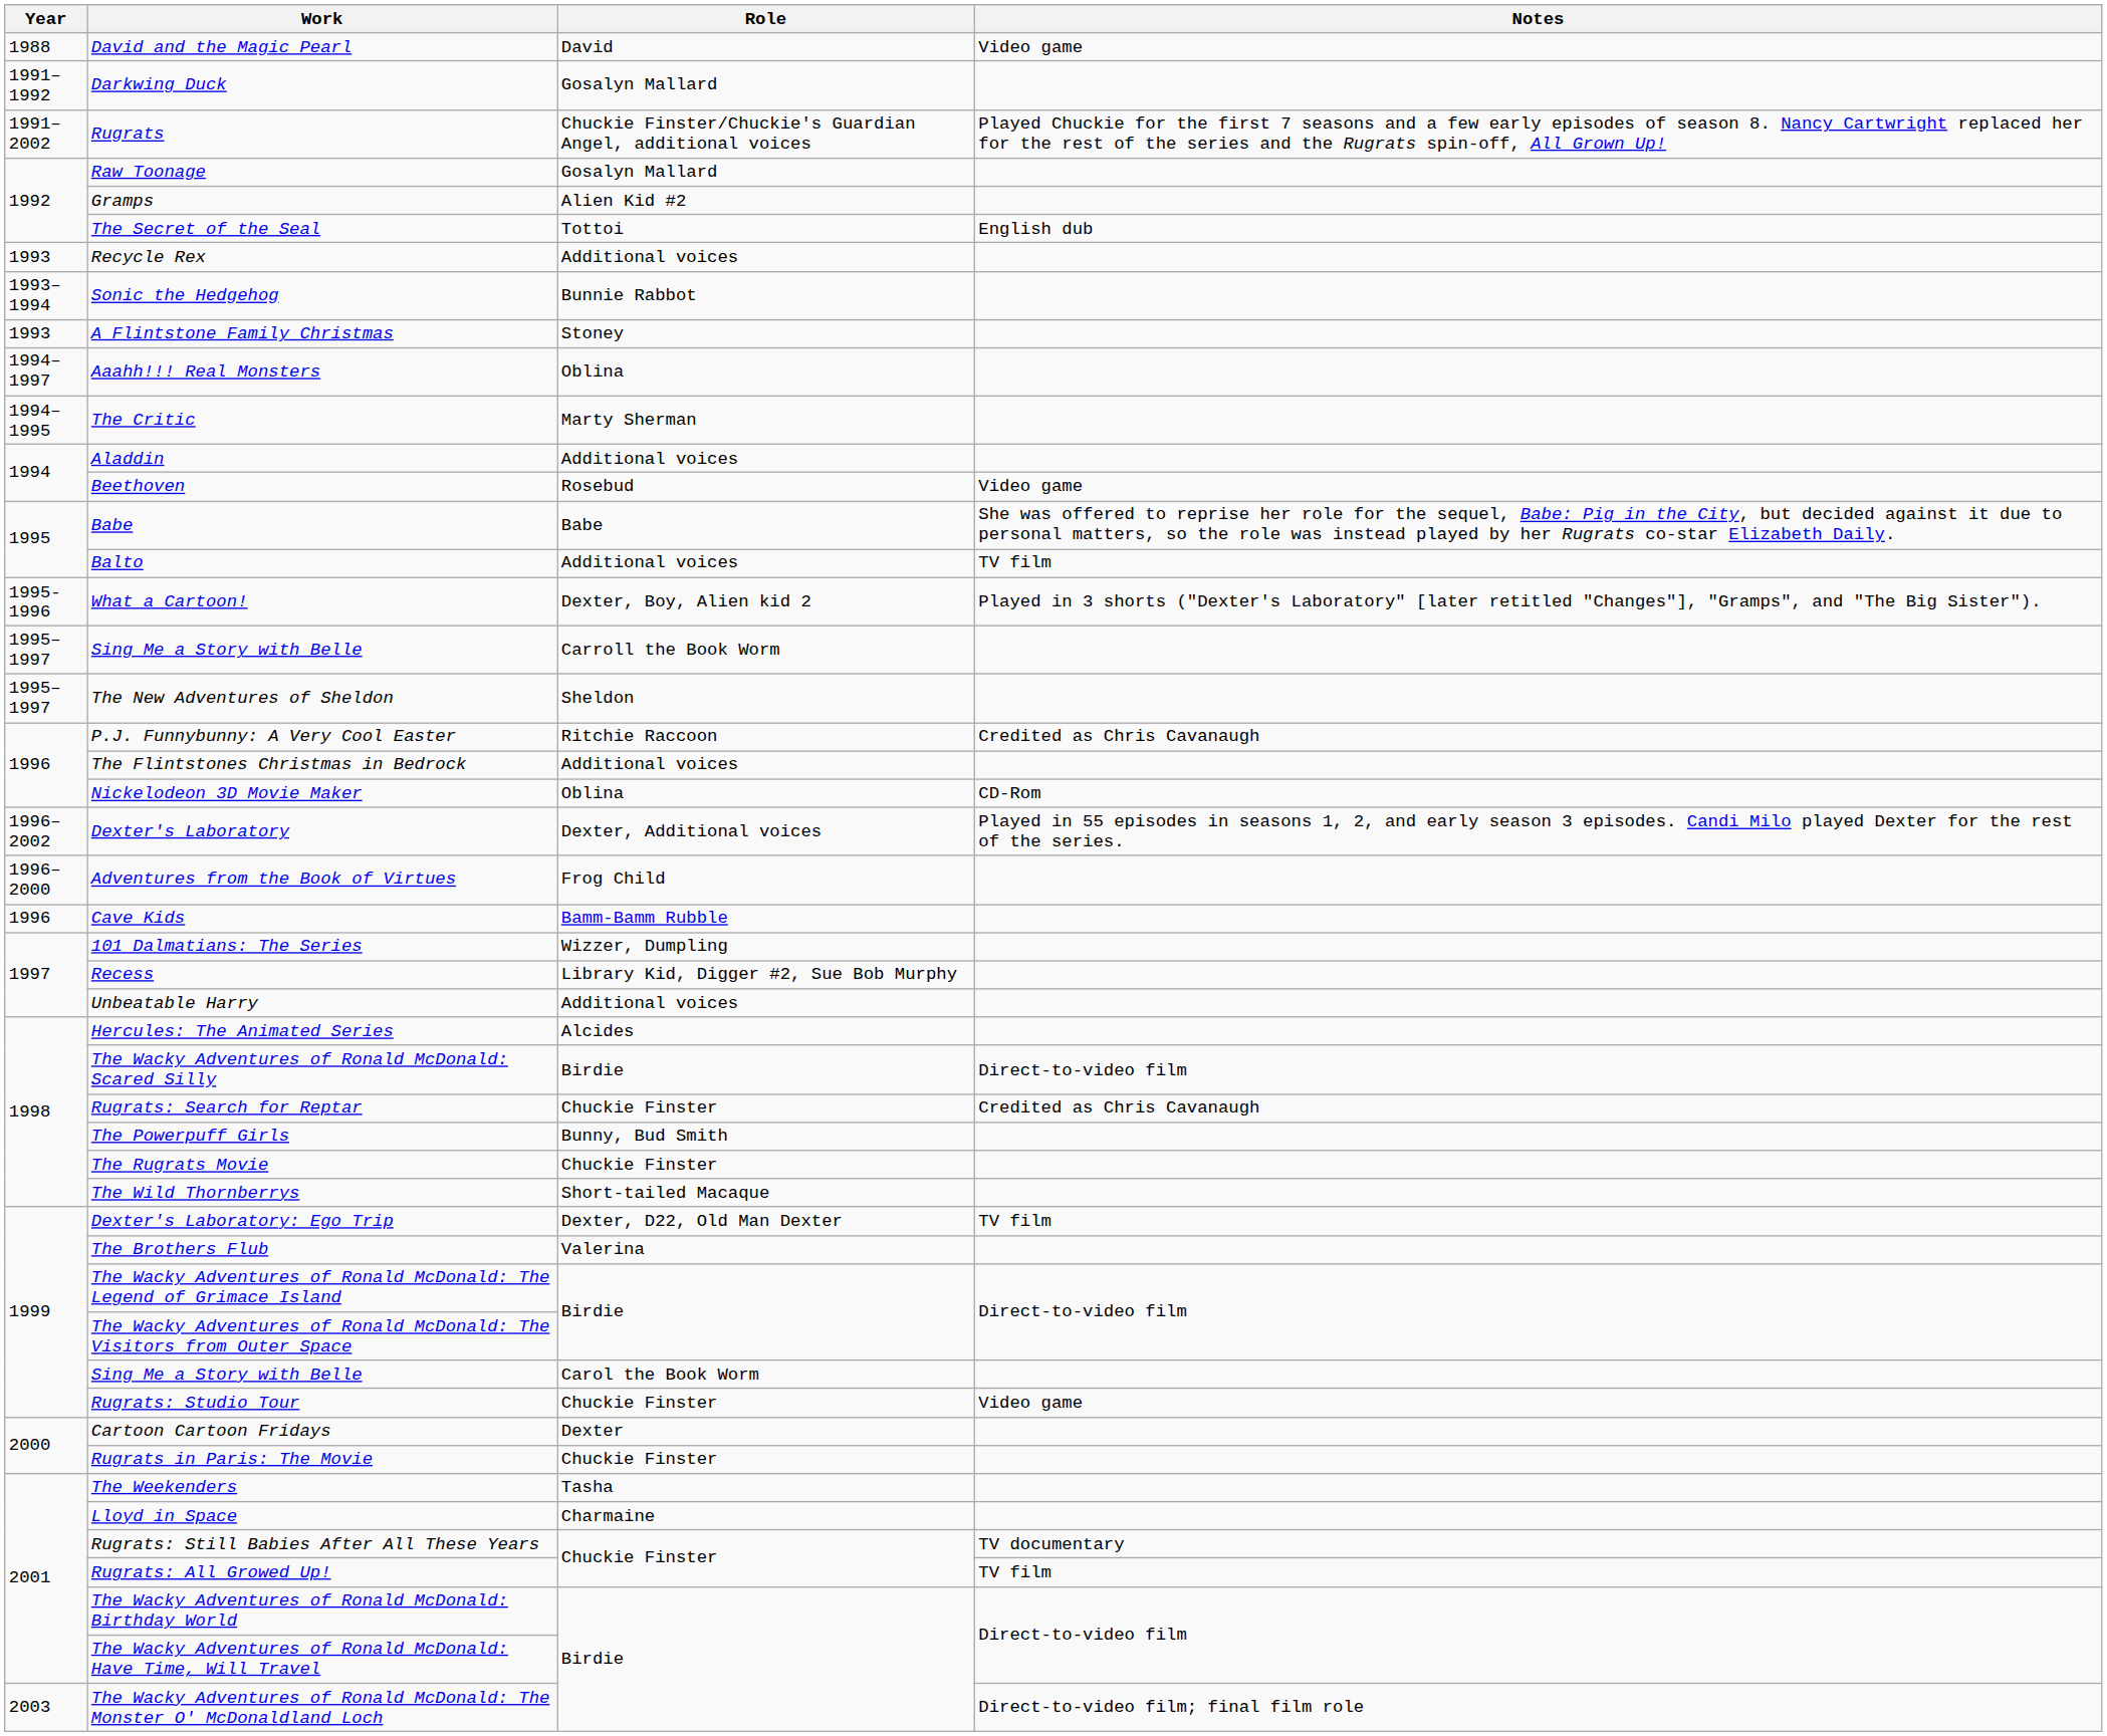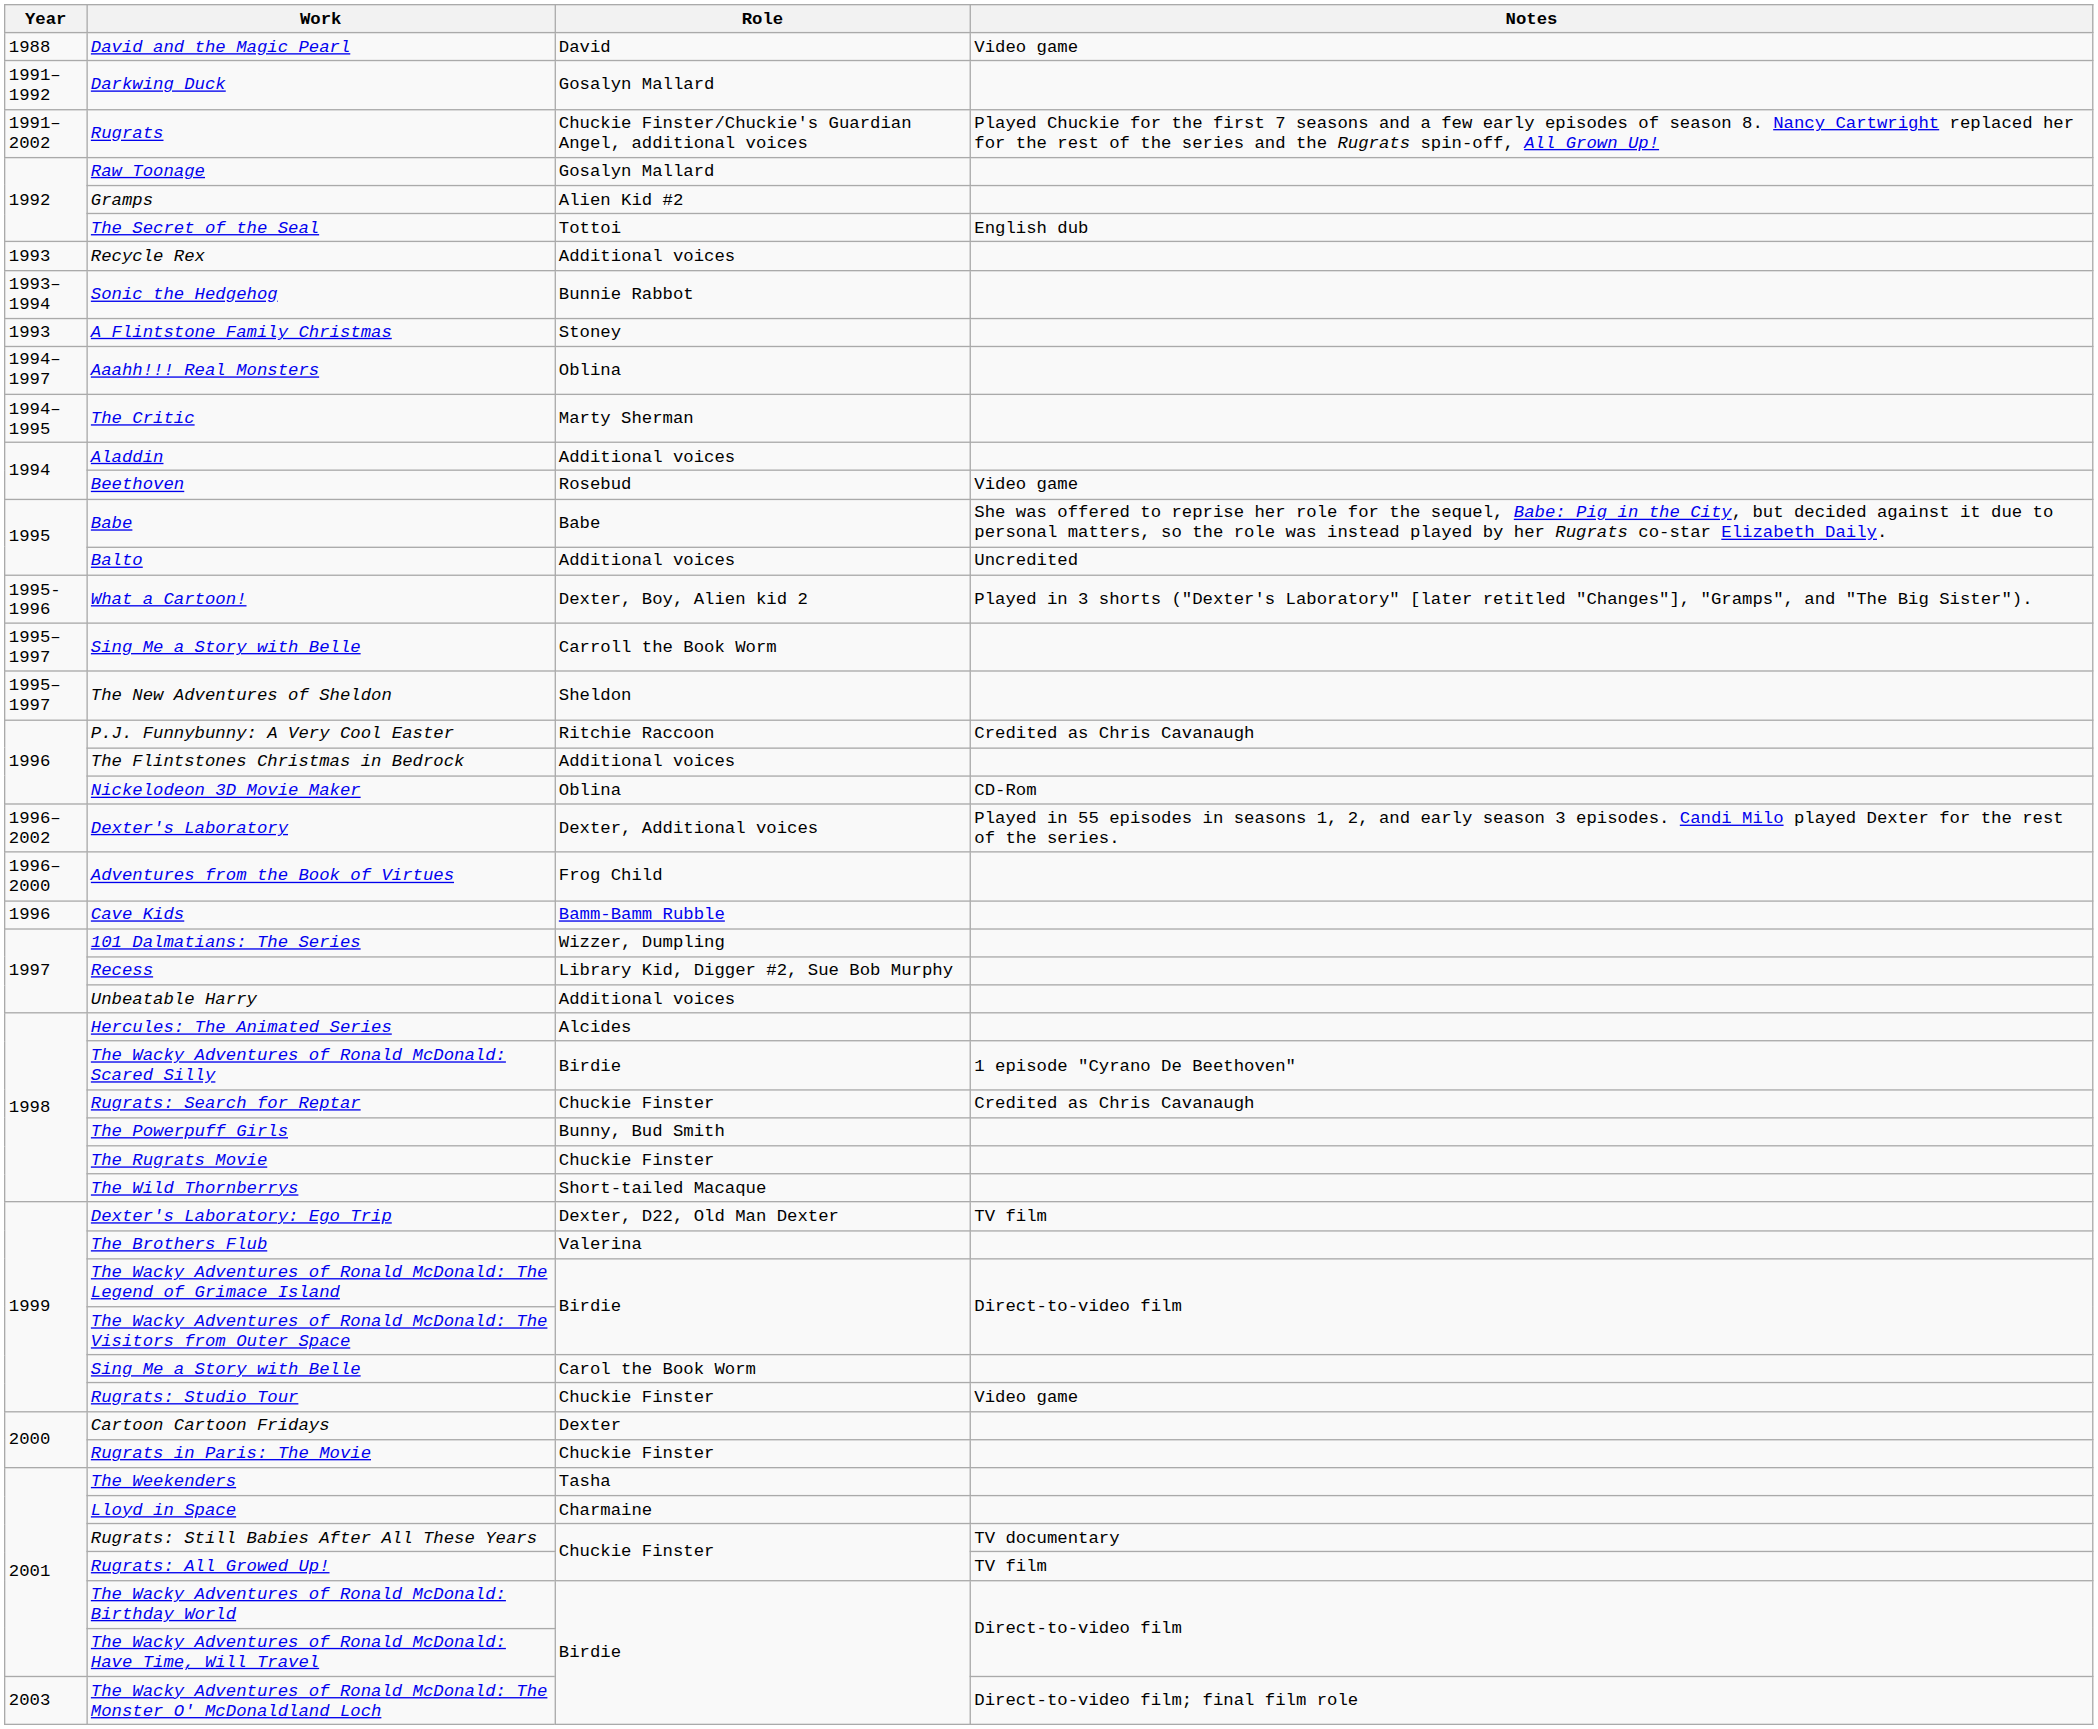 <table class="wikitable sortable">
 <tr>
 <th>Year</th>
 <th>Work</th>
 <th>Role</th>
 <th class="unsortable">Notes</th>
 </tr>
 <tr>
 <td>1988</td>
 <td><em><a href='#'>David and the Magic Pearl</a></em></td>
 <td>David</td>
 <td>Video game</td>
 </tr>
 <tr>
 <td>1991–1992</td>
 <td><em><a href='#'>Darkwing Duck</a></em></td>
 <td>Gosalyn Mallard</td>
 <td></td>
 </tr>
 <tr>
 <td>1991–2002</td>
 <td><em><a href='#'>Rugrats</a></em></td>
 <td>Chuckie Finster/Chuckie's Guardian Angel, additional voices</td>
 <td>Played Chuckie for the first 7 seasons and a few early episodes of season 8. <a href='#'>Nancy Cartwright</a> replaced her for the rest of the series and the <em>Rugrats</em> spin-off, <em><a href='#'>All Grown Up!</a></em></td>
 </tr>
 <tr>
 <td rowspan="3">1992</td>
 <td><em><a href='#'>Raw Toonage</a></em></td>
 <td>Gosalyn Mallard</td>
 <td></td>
 </tr>
 <tr>
 <td><em>Gramps</em></td>
 <td>Alien Kid #2</td>
 <td></td>
 </tr>
 <tr>
 <td><em><a href='#'>The Secret of the Seal</a></em></td>
 <td>Tottoi</td>
 <td>English dub</td>
 </tr>
 <tr>
 <td>1993</td>
 <td><em>Recycle Rex</em></td>
 <td>Additional voices</td>
 <td></td>
 </tr>
 <tr>
 <td>1993–1994</td>
 <td><em><a href='#'>Sonic the Hedgehog</a></em></td>
 <td>Bunnie Rabbot</td>
 <td></td>
 </tr>
 <tr>
 <td>1993</td>
 <td><em><a href='#'>A Flintstone Family Christmas</a></em></td>
 <td>Stoney</td>
 <td></td>
 </tr>
 <tr>
 <td>1994–1997</td>
 <td><em><a href='#'>Aaahh!!! Real Monsters</a></em></td>
 <td>Oblina</td>
 <td></td>
 </tr>
 <tr>
 <td>1994–1995</td>
 <td><em><a href='#'>The Critic</a></em></td>
 <td>Marty Sherman</td>
 <td></td>
 </tr>
 <tr>
 <td rowspan="2">1994</td>
 <td><em><a href='#'>Aladdin</a></em></td>
 <td>Additional voices</td>
 <td></td>
 </tr>
 <tr>
 <td><em><a href='#'>Beethoven</a></em></td>
 <td>Rosebud</td>
 <td>Video game</td>
 </tr>
 <tr>
 <td rowspan="2">1995</td>
 <td><em><a href='#'>Babe</a></em></td>
 <td>Babe</td>
 <td>She was offered to reprise her role for the sequel, <em><a href='#'>Babe: Pig in the City</a></em>, but decided against it due to personal matters, so the role was instead played by her <em>Rugrats</em> co-star <a href='#'>Elizabeth Daily</a>.</td>
 </tr>
 <tr>
 <td><em><a href='#'>Balto</a></em></td>
 <td>Additional voices</td>
-<td>TV film</td>
+<td>Uncredited</td>
 </tr>
 <tr>
 <td>1995-1996</td>
 <td><em><a href='#'>What a Cartoon!</a></em></td>
 <td>Dexter, Boy, Alien kid 2</td>
 <td>Played in 3 shorts ("Dexter's Laboratory" [later retitled "Changes"], "Gramps", and "The Big Sister").</td>
 </tr>
 <tr>
 <td>1995–1997</td>
 <td><em><a href='#'>Sing Me a Story with Belle</a></em></td>
 <td>Carroll the Book Worm</td>
 <td></td>
 </tr>
 <tr>
 <td>1995–1997</td>
 <td><em>The New Adventures of Sheldon</em></td>
 <td>Sheldon</td>
 <td></td>
 </tr>
 <tr>
 <td rowspan="3">1996</td>
 <td><em>P.J. Funnybunny: A Very Cool Easter</em></td>
 <td>Ritchie Raccoon</td>
 <td>Credited as Chris Cavanaugh</td>
 </tr>
 <tr>
 <td><em>The Flintstones Christmas in Bedrock</em></td>
 <td>Additional voices</td>
 <td></td>
 </tr>
 <tr>
 <td><em><a href='#'>Nickelodeon 3D Movie Maker</a></em></td>
 <td>Oblina</td>
 <td>CD-Rom</td>
 </tr>
 <tr>
 <td>1996–2002</td>
 <td><em><a href='#'>Dexter's Laboratory</a></em></td>
 <td>Dexter, Additional voices</td>
 <td>Played in 55 episodes in seasons 1, 2, and early season 3 episodes. <a href='#'>Candi Milo</a> played Dexter for the rest of the series.</td>
 </tr>
 <tr>
 <td>1996–2000</td>
 <td><em><a href='#'>Adventures from the Book of Virtues</a></em></td>
 <td>Frog Child</td>
 <td></td>
 </tr>
 <tr>
 <td>1996</td>
 <td><em><a href='#'>Cave Kids</a></em></td>
 <td><a href='#'>Bamm-Bamm Rubble</a></td>
 <td></td>
 </tr>
 <tr>
 <td rowspan="3">1997</td>
 <td><em><a href='#'>101 Dalmatians: The Series</a></em></td>
 <td>Wizzer, Dumpling</td>
 <td></td>
 </tr>
 <tr>
 <td><em><a href='#'>Recess</a></em></td>
 <td>Library Kid, Digger #2, Sue Bob Murphy</td>
 <td></td>
 </tr>
 <tr>
 <td><em>Unbeatable Harry</em></td>
 <td>Additional voices</td>
 <td></td>
 </tr>
 <tr>
 <td rowspan="6">1998</td>
 <td><em><a href='#'>Hercules: The Animated Series</a></em></td>
 <td>Alcides</td>
 <td></td>
 </tr>
 <tr>
 <td><em><a href='#'>The Wacky Adventures of Ronald McDonald: Scared Silly</a></em></td>
 <td>Birdie</td>
-<td>Direct-to-video film</td>
+<td>1 episode "Cyrano De Beethoven"</td>
 </tr>
 <tr>
 <td><em><a href='#'>Rugrats: Search for Reptar</a></em></td>
 <td>Chuckie Finster</td>
 <td>Credited as Chris Cavanaugh</td>
 </tr>
 <tr>
 <td><em><a href='#'>The Powerpuff Girls</a></em></td>
 <td>Bunny, Bud Smith</td>
 <td></td>
 </tr>
 <tr>
 <td><em><a href='#'>The Rugrats Movie</a></em></td>
 <td>Chuckie Finster</td>
 <td></td>
 </tr>
 <tr>
 <td><em><a href='#'>The Wild Thornberrys</a></em></td>
 <td>Short-tailed Macaque</td>
 <td></td>
 </tr>
 <tr>
 <td rowspan="6">1999</td>
 <td><em><a href='#'>Dexter's Laboratory: Ego Trip</a></em></td>
 <td>Dexter, D22, Old Man Dexter</td>
 <td>TV film</td>
 </tr>
 <tr>
 <td><em><a href='#'>The Brothers Flub</a></em></td>
 <td>Valerina</td>
 <td></td>
 </tr>
 <tr>
 <td><em><a href='#'>The Wacky Adventures of Ronald McDonald: The Legend of Grimace Island</a></em></td>
 <td rowspan="2">Birdie</td>
 <td rowspan="2">Direct-to-video film</td>
 </tr>
 <tr>
 <td><em><a href='#'>The Wacky Adventures of Ronald McDonald: The Visitors from Outer Space</a></em></td>
 </tr>
 <tr>
 <td><em><a href='#'>Sing Me a Story with Belle</a></em></td>
 <td>Carol the Book Worm</td>
 <td></td>
 </tr>
 <tr>
 <td><em><a href='#'>Rugrats: Studio Tour</a></em></td>
 <td>Chuckie Finster</td>
 <td>Video game</td>
 </tr>
 <tr>
 <td rowspan="2">2000</td>
 <td><em>Cartoon Cartoon Fridays</em></td>
 <td>Dexter</td>
 <td></td>
 </tr>
 <tr>
 <td><em><a href='#'>Rugrats in Paris: The Movie</a></em></td>
 <td>Chuckie Finster</td>
 <td></td>
 </tr>
 <tr>
 <td rowspan="6">2001</td>
 <td><em><a href='#'>The Weekenders</a></em></td>
 <td>Tasha</td>
 <td></td>
 </tr>
 <tr>
 <td><em><a href='#'>Lloyd in Space</a></em></td>
 <td>Charmaine</td>
 <td></td>
 </tr>
 <tr>
 <td><em>Rugrats: Still Babies After All These Years</em></td>
 <td rowspan="2">Chuckie Finster</td>
 <td>TV documentary</td>
 </tr>
 <tr>
 <td><em><a href='#'>Rugrats: All Growed Up!</a></em></td>
 <td>TV film</td>
 </tr>
 <tr>
 <td><em><a href='#'>The Wacky Adventures of Ronald McDonald: Birthday World</a></em></td>
 <td rowspan="3">Birdie</td>
 <td rowspan="2">Direct-to-video film</td>
 </tr>
 <tr>
 <td><em><a href='#'>The Wacky Adventures of Ronald McDonald: Have Time, Will Travel</a></em></td>
 </tr>
 <tr>
 <td>2003</td>
 <td><em><a href='#'>The Wacky Adventures of Ronald McDonald: The Monster O' McDonaldland Loch</a></em></td>
 <td>Direct-to-video film; final film role</td>
 </tr>
 </table>
